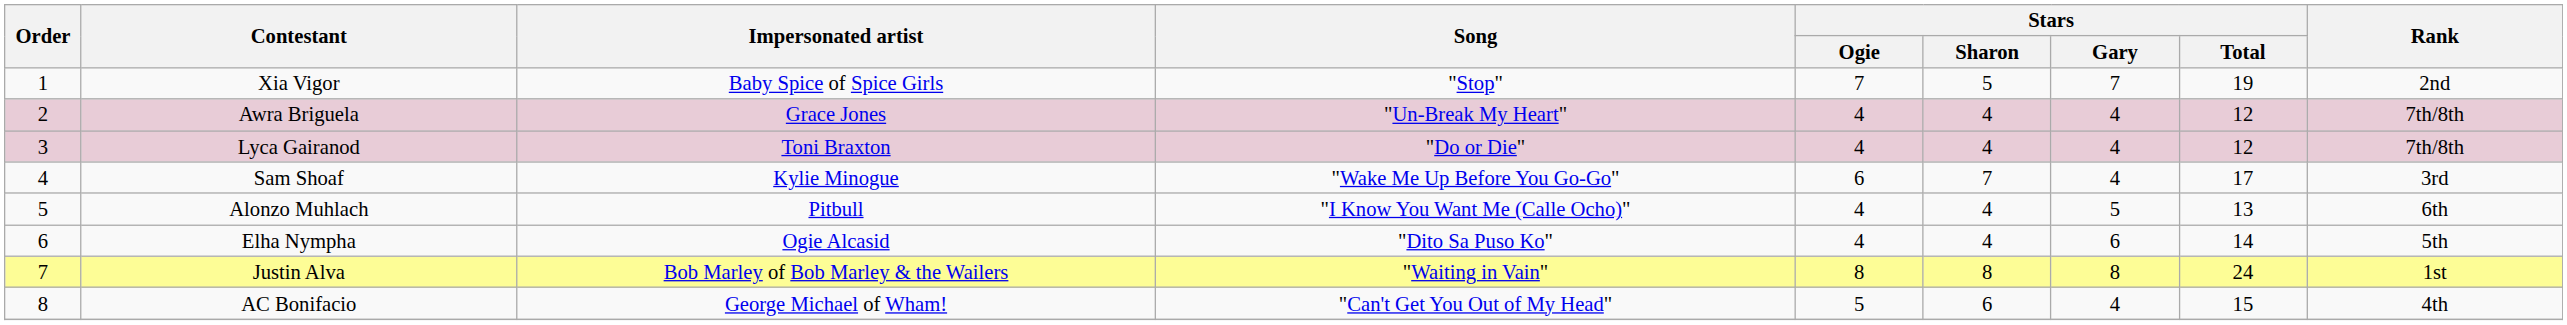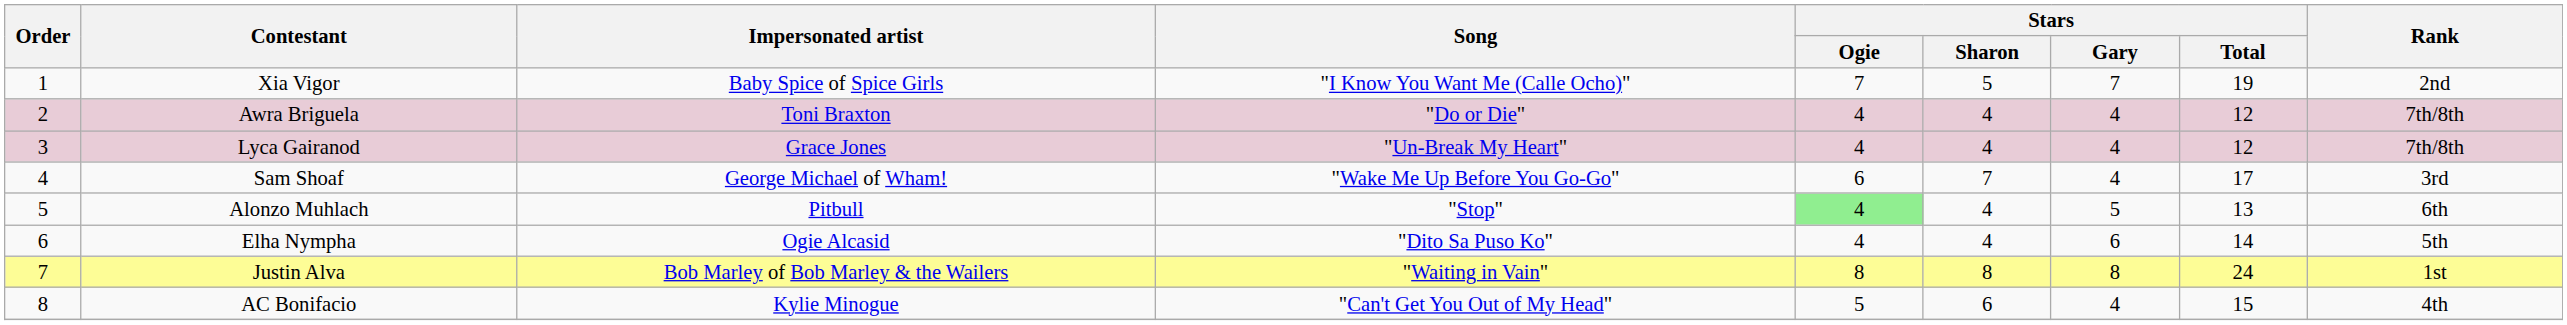 <table class="wikitable" style="text-align:center; line-height:17px; width:100%;">
 <tr>
 <th rowspan="2" style="width:03%;">Order</th>
 <th rowspan="2" style="width:17%;">Contestant</th>
 <th rowspan="2" style="width:25%;">Impersonated artist</th>
 <th rowspan="2" style="width:25%;">Song</th>
 <th colspan="4" style="width:20%;">Stars</th>
 <th rowspan="2" style="width:10%;">Rank</th>
 </tr>
 <tr>
 <th style="width:05%;">Ogie</th>
 <th style="width:05%;">Sharon</th>
 <th style="width:05%;">Gary</th>
 <th style="width:05%;">Total</th>
 </tr>
 <tr>
 <td>1</td>
 <td>Xia Vigor</td>
 <td><a href='#'>Baby Spice</a> of <a href='#'>Spice Girls</a></td>
-<td>"<a href='#'>Stop</a>"</td>
+<td>"<a href='#'>I Know You Want Me (Calle Ocho)</a>"</td>
 <td>7</td>
 <td>5</td>
 <td>7</td>
 <td>19</td>
 <td>2nd</td>
 </tr>
 <tr>
 <td style="background:#E8CCD7">2</td>
 <td style="background:#E8CCD7">Awra Briguela</td>
+<td style="background:#E8CCD7"><a href='#'>Toni Braxton</a></td>
+<td style="background:#E8CCD7">"<a href='#'>Do or Die</a>"</td>
+<td style="background:#E8CCD7">4</td>
+<td style="background:#E8CCD7">4</td>
+<td style="background:#E8CCD7">4</td>
+<td style="background:#E8CCD7">12</td>
+<td style="background:#E8CCD7">7th/8th</td>
+</tr>
+<tr>
+<td style="background:#E8CCD7">3</td>
+<td style="background:#E8CCD7">Lyca Gairanod</td>
 <td style="background:#E8CCD7"><a href='#'>Grace Jones</a></td>
 <td style="background:#E8CCD7">"<a href='#'>Un-Break My Heart</a>"</td>
 <td style="background:#E8CCD7">4</td>
 <td style="background:#E8CCD7">4</td>
 <td style="background:#E8CCD7">4</td>
 <td style="background:#E8CCD7">12</td>
 <td style="background:#E8CCD7">7th/8th</td>
 </tr>
 <tr>
-<td style="background:#E8CCD7">3</td>
-<td style="background:#E8CCD7">Lyca Gairanod</td>
-<td style="background:#E8CCD7"><a href='#'>Toni Braxton</a></td>
-<td style="background:#E8CCD7">"<a href='#'>Do or Die</a>"</td>
-<td style="background:#E8CCD7">4</td>
-<td style="background:#E8CCD7">4</td>
-<td style="background:#E8CCD7">4</td>
-<td style="background:#E8CCD7">12</td>
-<td style="background:#E8CCD7">7th/8th</td>
-</tr>
-<tr>
 <td>4</td>
 <td>Sam Shoaf</td>
-<td><a href='#'>Kylie Minogue</a></td>
+<td><a href='#'>George Michael</a> of <a href='#'>Wham!</a></td>
 <td>"<a href='#'>Wake Me Up Before You Go-Go</a>"</td>
 <td>6</td>
 <td>7</td>
 <td>4</td>
 <td>17</td>
 <td>3rd</td>
 </tr>
 <tr>
 <td>5</td>
 <td>Alonzo Muhlach</td>
 <td><a href='#'>Pitbull</a></td>
-<td>"<a href='#'>I Know You Want Me (Calle Ocho)</a>"</td>
-<td>4</td>
+<td>"<a href='#'>Stop</a>"</td>
+<td style="background: lightgreen;">4</td>
 <td>4</td>
 <td>5</td>
 <td>13</td>
 <td>6th</td>
 </tr>
 <tr>
 <td>6</td>
 <td>Elha Nympha</td>
 <td><a href='#'>Ogie Alcasid</a></td>
 <td>"<a href='#'>Dito Sa Puso Ko</a>"</td>
 <td>4</td>
 <td>4</td>
 <td>6</td>
 <td>14</td>
 <td>5th</td>
 </tr>
 <tr>
 <td style="background:#FDFD96;">7</td>
 <td style="background:#FDFD96;">Justin Alva</td>
 <td style="background:#FDFD96;"><a href='#'>Bob Marley</a> of <a href='#'>Bob Marley & the Wailers</a></td>
 <td style="background:#FDFD96;">"<a href='#'>Waiting in Vain</a>"</td>
 <td style="background:#FDFD96;">8</td>
 <td style="background:#FDFD96;">8</td>
 <td style="background:#FDFD96;">8</td>
 <td style="background:#FDFD96;">24</td>
 <td style="background:#FDFD96;">1st</td>
 </tr>
 <tr>
 <td>8</td>
 <td>AC Bonifacio</td>
-<td><a href='#'>George Michael</a> of <a href='#'>Wham!</a></td>
+<td><a href='#'>Kylie Minogue</a></td>
 <td>"<a href='#'>Can't Get You Out of My Head</a>"</td>
 <td>5</td>
 <td>6</td>
 <td>4</td>
 <td>15</td>
 <td>4th</td>
 </tr>
 <tr>
 </tr>
 <tr>
 </tr>
 </table>
